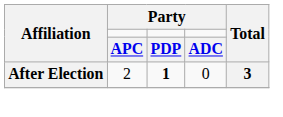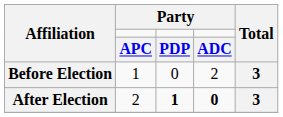 <table class="wikitable" style="text-align:center">
 <tr>
 <th rowspan="3">Affiliation</th>
 <th colspan="3">Party</th>
 <th rowspan="3">Total</th>
 </tr>
 <tr>
 <td style="background-color:"></td>
 <td style="background-color:"></td>
 <td style="background-color:"></td>
 </tr>
 <tr>
 <th><a href='#'>APC</a></th>
 <th><a href='#'>PDP</a></th>
 <th><a href='#'>ADC</a></th>
 </tr>
 <tr>
+<th>Before Election</th>
+<td>1</td>
+<td>0</td>
+<td>2</td>
+<th>3</th>
+</tr>
+<tr>
 <th>After Election</th>
 <td>2</td>
 <td><strong>1</strong></td>
-<td>0</td>
+<td><strong>0</strong></td>
 <th>3</th>
 </tr>
 <tr>
 </tr>
 </table>
